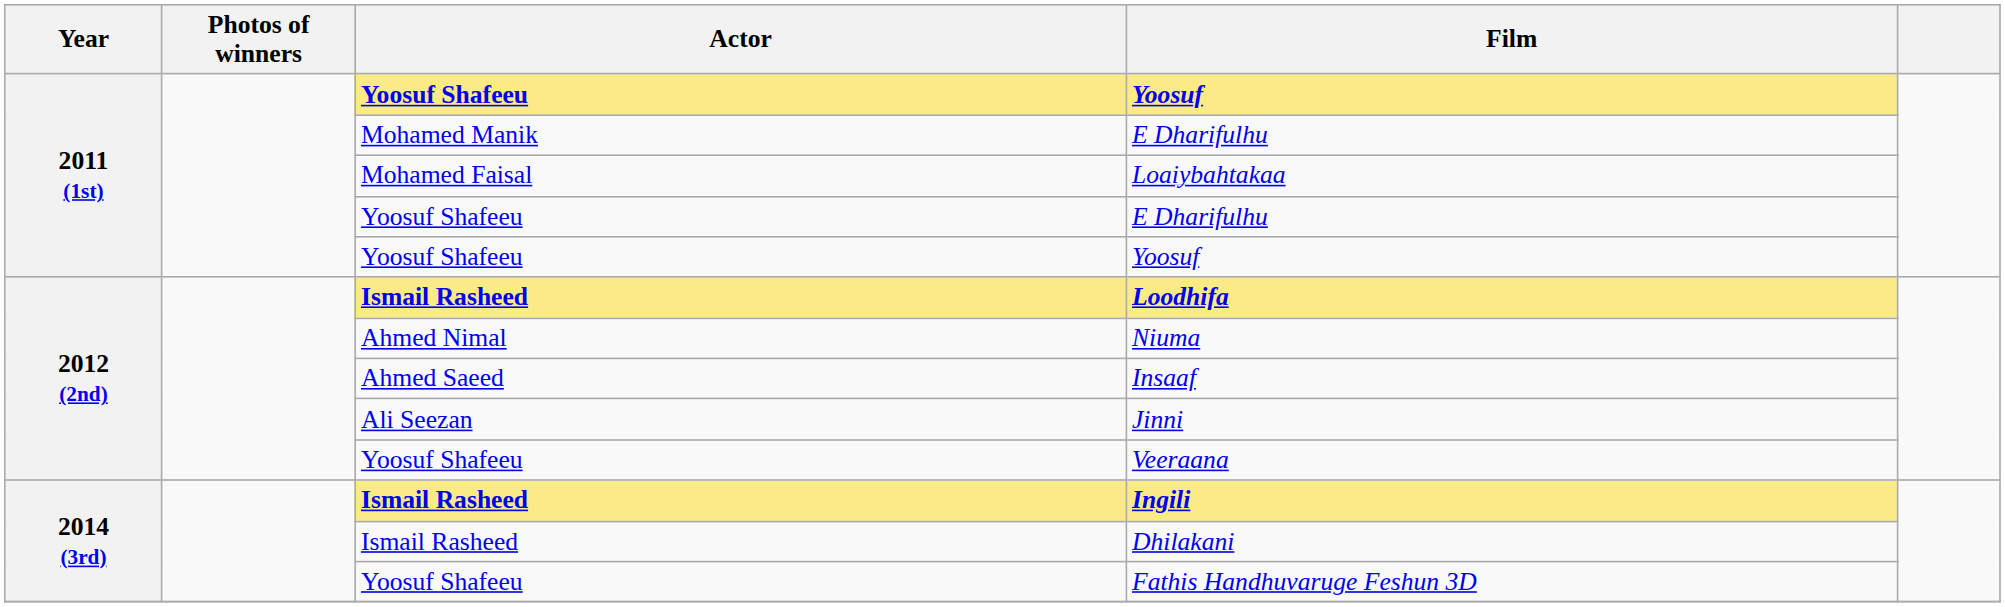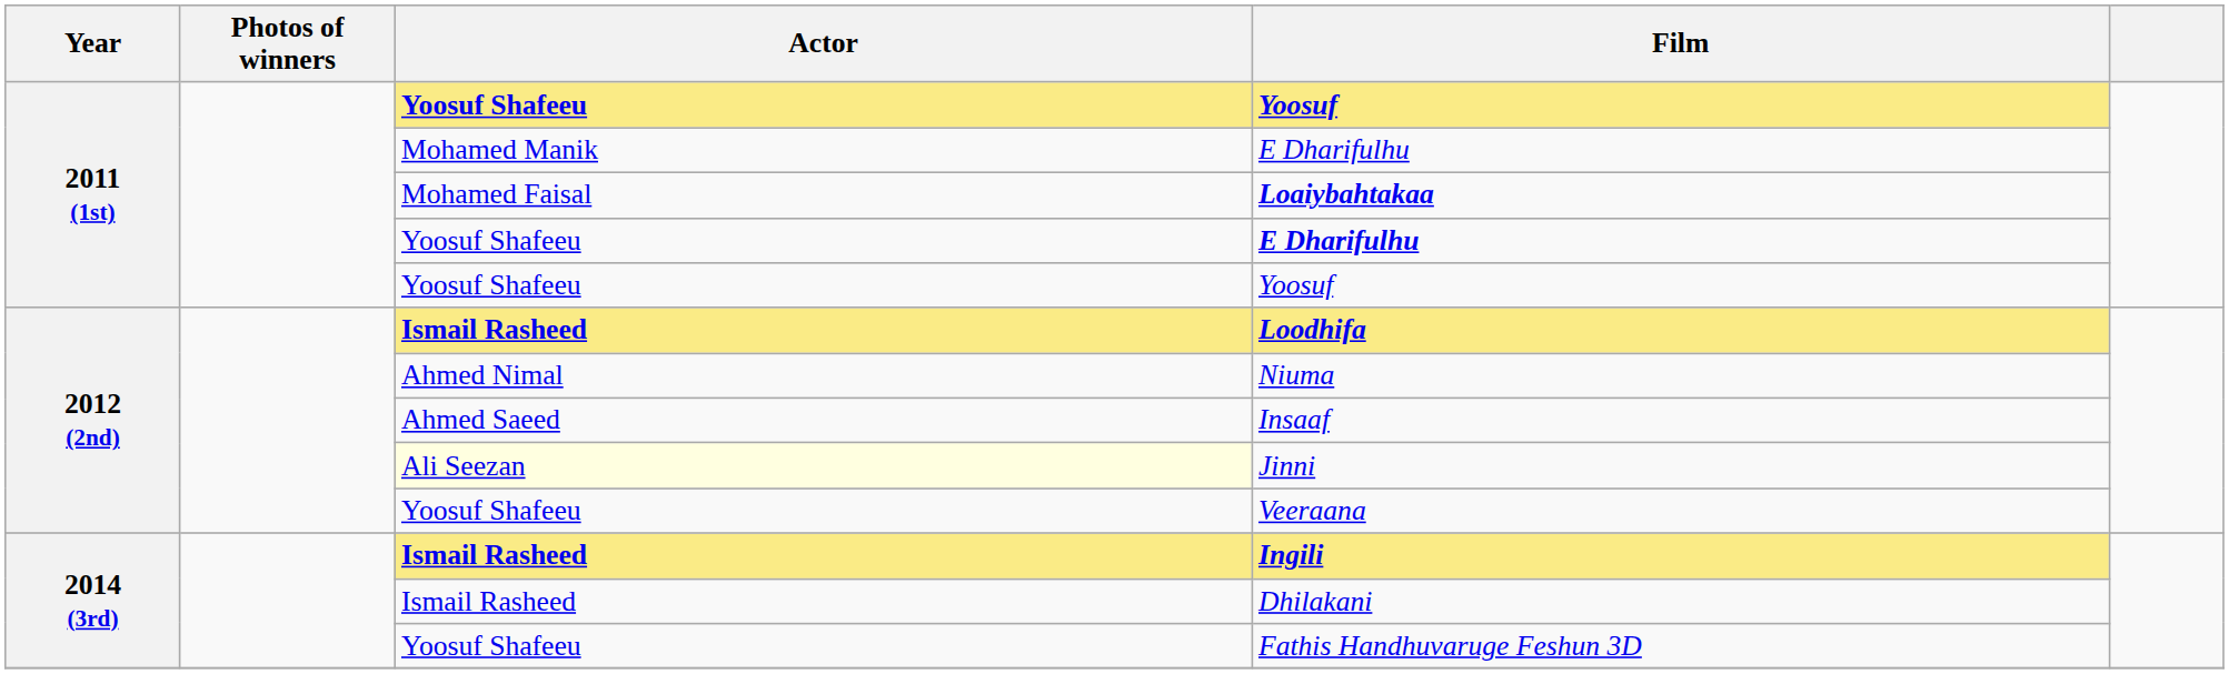 <table class="wikitable sortable" style="text-align:left;">
 <tr>
 <th scope="col" style="width:3%; text-align:center;">Year</th>
 <th scope="col" style="width:3%;text-align:center;">Photos of winners</th>
 <th scope="col" style="width:15%;text-align:center;">Actor</th>
 <th scope="col" style="width:15%;text-align:center;">Film</th>
 <th scope="col" style="width:2%" class="unsortable"></th>
 </tr>
 <tr>
 <th scope="row" rowspan=5 style="text-align:center">2011 <br><small><a href='#'>(1st)</a> </small></th>
 <td rowspan=5 style="text-align:center"></td>
 <td style="background:#FAEB86;"><strong><a href='#'>Yoosuf Shafeeu</a></strong></td>
 <td style="background:#FAEB86;"><strong><em><a href='#'>Yoosuf</a></em></strong></td>
 <td rowspan=5 style="text-align: center;"></td>
 </tr>
 <tr>
 <td><a href='#'>Mohamed Manik</a></td>
 <td><em><a href='#'>E Dharifulhu</a></em></td>
 </tr>
 <tr>
 <td><a href='#'>Mohamed Faisal</a></td>
-<td><em><a href='#'>Loaiybahtakaa</a></em></td>
+<td><strong><em><a href='#'>Loaiybahtakaa</a></em></strong></td>
 </tr>
 <tr>
 <td><a href='#'>Yoosuf Shafeeu</a></td>
-<td><em><a href='#'>E Dharifulhu</a></em></td>
+<td><strong><em><a href='#'>E Dharifulhu</a></em></strong></td>
 </tr>
 <tr>
 <td><a href='#'>Yoosuf Shafeeu</a></td>
 <td><em><a href='#'>Yoosuf</a></em></td>
 </tr>
 <tr>
 <th scope="row" rowspan=5 style="text-align:center">2012 <br><small><a href='#'>(2nd)</a> </small></th>
 <td rowspan=5 style="text-align:center"></td>
 <td style="background:#FAEB86;"><strong><a href='#'>Ismail Rasheed</a></strong></td>
 <td style="background:#FAEB86;"><strong><em><a href='#'>Loodhifa</a></em></strong></td>
 <td rowspan=5 style="text-align: center;"></td>
 </tr>
 <tr>
 <td><a href='#'>Ahmed Nimal</a></td>
 <td><em><a href='#'>Niuma</a></em></td>
 </tr>
 <tr>
 <td><a href='#'>Ahmed Saeed</a></td>
 <td><em><a href='#'>Insaaf</a></em></td>
 </tr>
 <tr>
-<td><a href='#'>Ali Seezan</a></td>
+<td style="background: lightyellow;"><a href='#'>Ali Seezan</a></td>
 <td><em><a href='#'>Jinni</a></em></td>
 </tr>
 <tr>
 <td><a href='#'>Yoosuf Shafeeu</a></td>
 <td><em><a href='#'>Veeraana</a></em></td>
 </tr>
 <tr>
 <th scope="row" rowspan=3 style="text-align:center">2014 <br><small><a href='#'>(3rd)</a> </small></th>
 <td rowspan=3 style="text-align:center"></td>
 <td style="background:#FAEB86;"><strong><a href='#'>Ismail Rasheed</a></strong></td>
 <td style="background:#FAEB86;"><strong><em><a href='#'>Ingili</a></em></strong></td>
 <td rowspan=3 style="text-align: center;"></td>
 </tr>
 <tr>
 <td><a href='#'>Ismail Rasheed</a></td>
 <td><em><a href='#'>Dhilakani</a></em></td>
 </tr>
 <tr>
 <td><a href='#'>Yoosuf Shafeeu</a></td>
 <td><em><a href='#'>Fathis Handhuvaruge Feshun 3D</a></em></td>
 </tr>
 <tr>
 </tr>
 </table>
